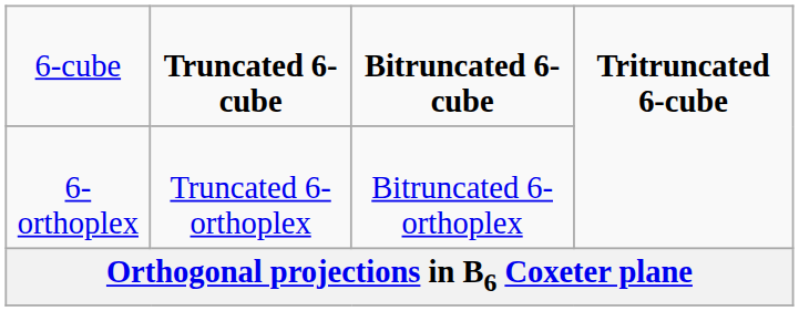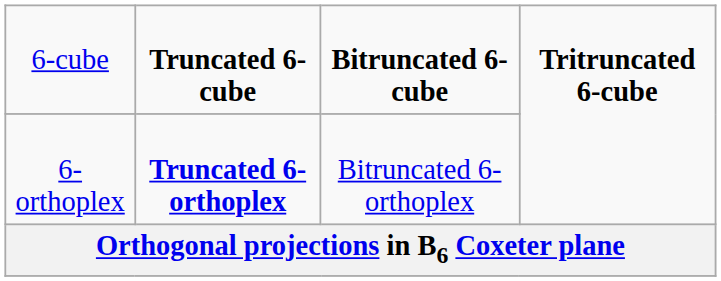 <table class=wikitable align=right width=400 style="margin-left:1em;">
 <tr align=center valign=top>
 <td><br><a href='#'>6-cube</a><br></td>
 <td><br><strong>Truncated 6-cube</strong><br></td>
 <td><br><strong>Bitruncated 6-cube</strong><br></td>
 <td rowspan=2 valign=center><br><strong>Tritruncated 6-cube</strong><br></td>
 </tr>
 <tr align=center valign=top>
 <td><br><a href='#'>6-orthoplex</a><br></td>
-<td><br><a href='#'>Truncated 6-orthoplex</a><br></td>
+<td><strong><br><a href='#'>Truncated 6-orthoplex</a><br></strong></td>
 <td><br><a href='#'>Bitruncated 6-orthoplex</a><br></td>
 </tr>
 <tr>
 <th colspan=4><a href='#'>Orthogonal projections</a> in B<sub>6</sub> <a href='#'>Coxeter plane</a></th>
 </tr>
 </table>
